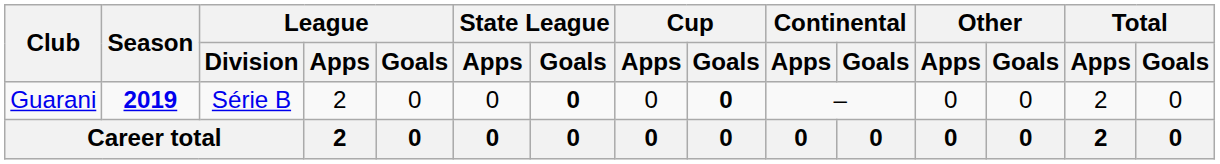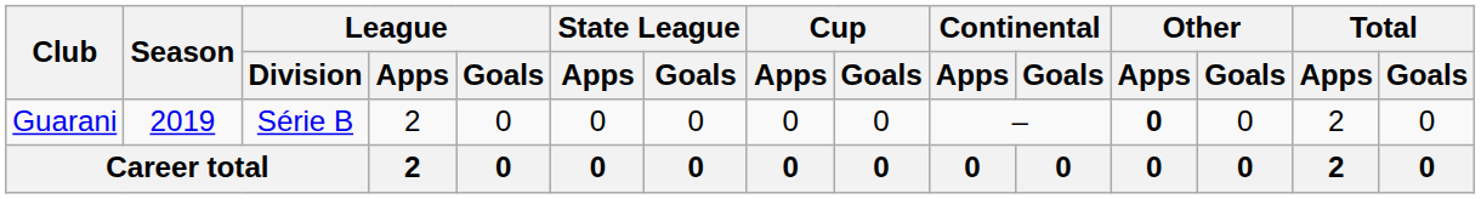 <table class="wikitable" style="text-align: center">
 <tr>
 <th rowspan="2">Club</th>
 <th rowspan="2">Season</th>
 <th colspan="3">League</th>
 <th colspan="2">State League</th>
 <th colspan="2">Cup</th>
 <th colspan="2">Continental</th>
 <th colspan="2">Other</th>
 <th colspan="2">Total</th>
 </tr>
 <tr>
 <th>Division</th>
 <th>Apps</th>
 <th>Goals</th>
 <th>Apps</th>
 <th>Goals</th>
 <th>Apps</th>
 <th>Goals</th>
 <th>Apps</th>
 <th>Goals</th>
 <th>Apps</th>
 <th>Goals</th>
 <th>Apps</th>
 <th>Goals</th>
 </tr>
 <tr>
 <td><a href='#'>Guarani</a></td>
-<td><strong><a href='#'>2019</a></strong></td>
+<td><a href='#'>2019</a></td>
 <td><a href='#'>Série B</a></td>
 <td>2</td>
 <td>0</td>
 <td>0</td>
+<td>0</td>
+<td>0</td>
+<td>0</td>
+<td colspan="2">–</td>
 <td><strong>0</strong></td>
-<td>0</td>
-<td><strong>0</strong></td>
-<td colspan="2">–</td>
-<td>0</td>
 <td>0</td>
 <td>2</td>
 <td>0</td>
 </tr>
 <tr>
 <th colspan="3"><strong>Career total</strong></th>
 <th>2</th>
 <th>0</th>
 <th>0</th>
 <th>0</th>
 <th>0</th>
 <th>0</th>
 <th>0</th>
 <th>0</th>
 <th>0</th>
 <th>0</th>
 <th>2</th>
 <th>0</th>
 </tr>
 </table>
